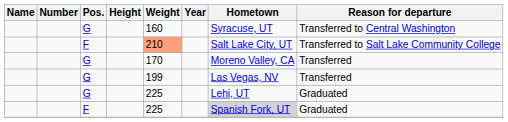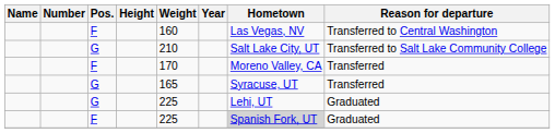 <table class="wikitable sortable" style="font-size:90%;" border="1">
 <tr>
 <th>Name</th>
 <th>Number</th>
 <th>Pos.</th>
 <th>Height</th>
 <th>Weight</th>
 <th>Year</th>
 <th>Hometown</th>
 <th ! class="unsortable">Reason for departure</th>
 </tr>
 <tr>
 <td></td>
 <td></td>
-<td><a href='#'>G</a></td>
+<td><a href='#'>F</a></td>
 <td></td>
 <td>160</td>
 <td></td>
-<td><a href='#'>Syracuse, UT</a></td>
+<td><a href='#'>Las Vegas, NV</a></td>
 <td>Transferred to <a href='#'>Central Washington</a></td>
 </tr>
 <tr>
 <td></td>
 <td></td>
-<td><a href='#'>F</a></td>
+<td><a href='#'>G</a></td>
 <td></td>
-<td style="background: lightsalmon;">210</td>
+<td>210</td>
 <td></td>
 <td><a href='#'>Salt Lake City, UT</a></td>
 <td>Transferred to <a href='#'>Salt Lake Community College</a></td>
 </tr>
 <tr>
 <td></td>
 <td></td>
-<td><a href='#'>G</a></td>
+<td><a href='#'>F</a></td>
 <td></td>
 <td>170</td>
 <td></td>
 <td><a href='#'>Moreno Valley, CA</a></td>
 <td>Transferred</td>
 </tr>
 <tr>
 <td></td>
 <td></td>
 <td><a href='#'>G</a></td>
 <td></td>
-<td>199</td>
+<td>165</td>
 <td></td>
-<td><a href='#'>Las Vegas, NV</a></td>
+<td><a href='#'>Syracuse, UT</a></td>
 <td>Transferred</td>
 </tr>
 <tr>
 <td></td>
 <td></td>
 <td><a href='#'>G</a></td>
 <td></td>
 <td>225</td>
 <td></td>
 <td><a href='#'>Lehi, UT</a></td>
 <td>Graduated</td>
 </tr>
 <tr>
 <td></td>
 <td></td>
 <td><a href='#'>F</a></td>
 <td></td>
 <td>225</td>
 <td></td>
 <td style="background: lightgrey;"><a href='#'>Spanish Fork, UT</a></td>
 <td>Graduated</td>
 </tr>
 <tr>
 </tr>
 </table>
